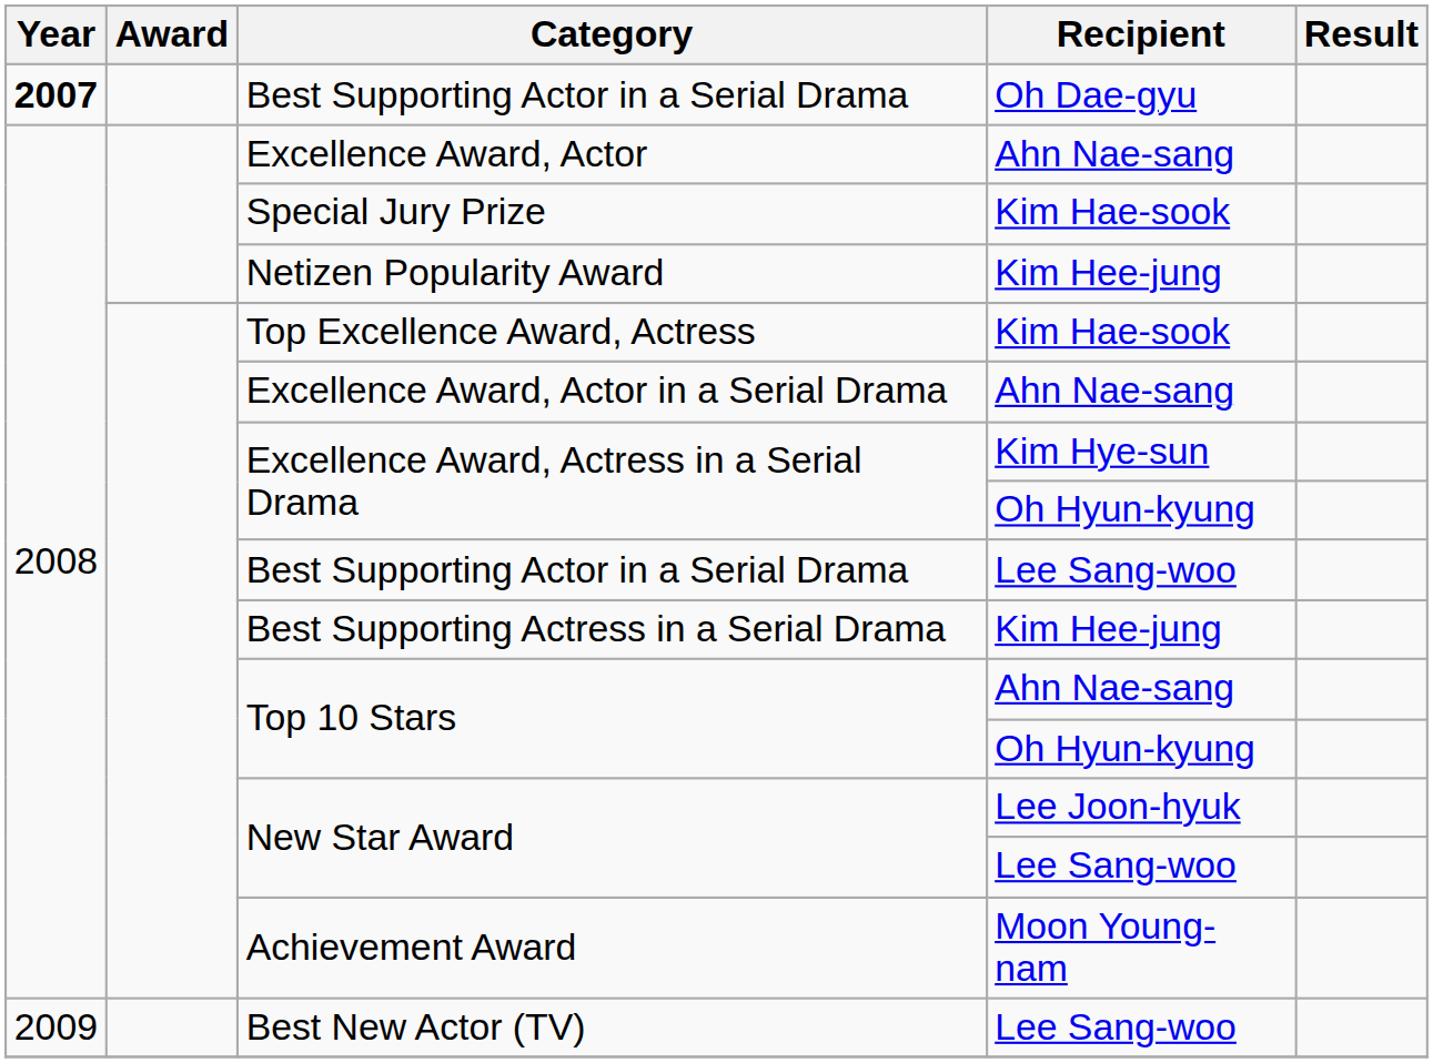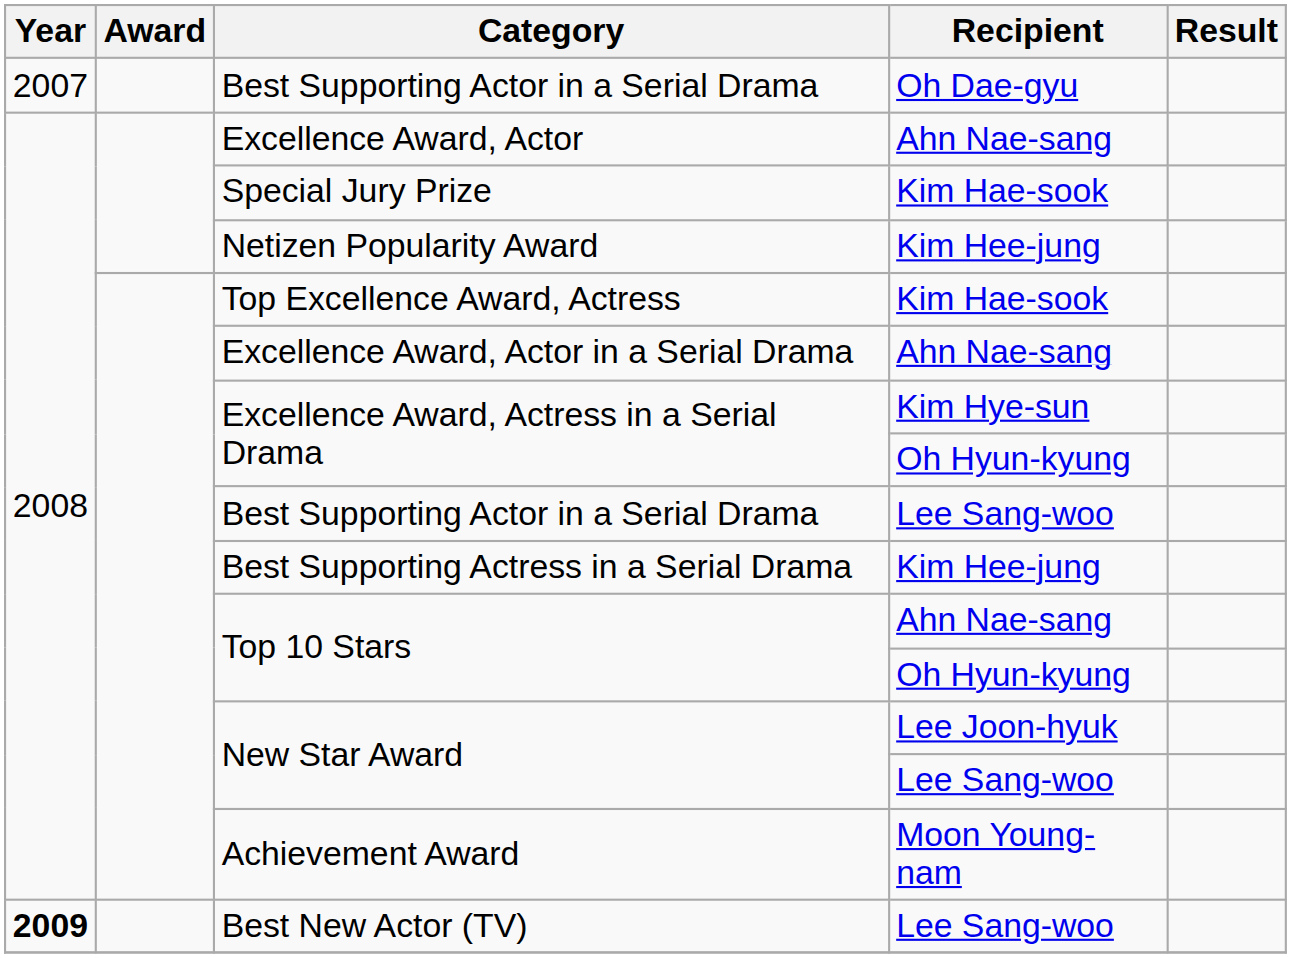 <table class="wikitable">
 <tr>
 <th>Year</th>
 <th>Award</th>
 <th>Category</th>
 <th>Recipient</th>
 <th>Result</th>
 </tr>
 <tr>
-<td><strong>2007</strong></td>
+<td>2007</td>
 <td></td>
 <td>Best Supporting Actor in a Serial Drama</td>
 <td><a href='#'>Oh Dae-gyu</a></td>
 <td></td>
 </tr>
 <tr>
 <td rowspan=14>2008</td>
 <td rowspan=3></td>
 <td>Excellence Award, Actor</td>
 <td><a href='#'>Ahn Nae-sang</a></td>
 <td></td>
 </tr>
 <tr>
 <td>Special Jury Prize</td>
 <td><a href='#'>Kim Hae-sook</a></td>
 <td></td>
 </tr>
 <tr>
 <td>Netizen Popularity Award</td>
 <td><a href='#'>Kim Hee-jung</a></td>
 <td></td>
 </tr>
 <tr>
 <td rowspan=11></td>
 <td>Top Excellence Award, Actress</td>
 <td><a href='#'>Kim Hae-sook</a></td>
 <td></td>
 </tr>
 <tr>
 <td>Excellence Award, Actor in a Serial Drama</td>
 <td><a href='#'>Ahn Nae-sang</a></td>
 <td></td>
 </tr>
 <tr>
 <td rowspan=2>Excellence Award, Actress in a Serial Drama</td>
 <td><a href='#'>Kim Hye-sun</a></td>
 <td></td>
 </tr>
 <tr>
 <td><a href='#'>Oh Hyun-kyung</a></td>
 <td></td>
 </tr>
 <tr>
 <td>Best Supporting Actor in a Serial Drama</td>
 <td><a href='#'>Lee Sang-woo</a></td>
 <td></td>
 </tr>
 <tr>
 <td>Best Supporting Actress in a Serial Drama</td>
 <td><a href='#'>Kim Hee-jung</a></td>
 <td></td>
 </tr>
 <tr>
 <td rowspan=2>Top 10 Stars</td>
 <td><a href='#'>Ahn Nae-sang</a></td>
 <td></td>
 </tr>
 <tr>
 <td><a href='#'>Oh Hyun-kyung</a></td>
 <td></td>
 </tr>
 <tr>
 <td rowspan=2>New Star Award</td>
 <td><a href='#'>Lee Joon-hyuk</a></td>
 <td></td>
 </tr>
 <tr>
 <td><a href='#'>Lee Sang-woo</a></td>
 <td></td>
 </tr>
 <tr>
 <td>Achievement Award</td>
 <td><a href='#'>Moon Young-nam</a></td>
 <td></td>
 </tr>
 <tr>
-<td>2009</td>
+<td><strong>2009</strong></td>
 <td></td>
 <td>Best New Actor (TV)</td>
 <td><a href='#'>Lee Sang-woo</a></td>
 <td></td>
 </tr>
 <tr>
 </tr>
 </table>
